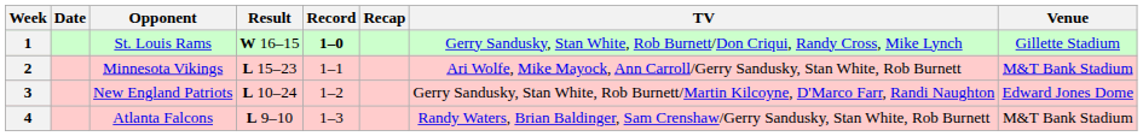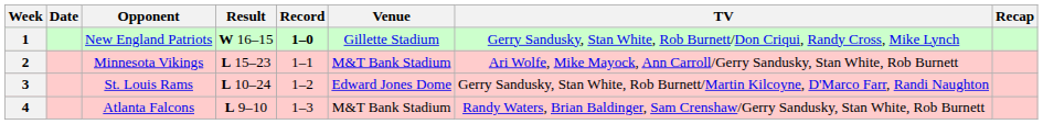 <table class="wikitable" style="text-align:center">
 <tr>
 <th>Week</th>
 <th>Date</th>
 <th>Opponent</th>
 <th>Result</th>
 <th>Record</th>
+<th>Venue</th>
+<th>TV</th>
 <th>Recap</th>
-<th>TV</th>
-<th>Venue</th>
 </tr>
 <tr style="background:#cfc">
 <th>1</th>
 <td></td>
-<td><a href='#'>St. Louis Rams</a></td>
+<td><a href='#'>New England Patriots</a></td>
 <td><strong>W</strong> 16–15</td>
 <td><strong>1–0</strong></td>
+<td><a href='#'>Gillette Stadium</a></td>
+<td><a href='#'>Gerry Sandusky</a>, <a href='#'>Stan White</a>, <a href='#'>Rob Burnett</a>/<a href='#'>Don Criqui</a>, <a href='#'>Randy Cross</a>, <a href='#'>Mike Lynch</a></td>
 <td></td>
-<td><a href='#'>Gerry Sandusky</a>, <a href='#'>Stan White</a>, <a href='#'>Rob Burnett</a>/<a href='#'>Don Criqui</a>, <a href='#'>Randy Cross</a>, <a href='#'>Mike Lynch</a></td>
-<td><a href='#'>Gillette Stadium</a></td>
 </tr>
 <tr style="background:#fcc">
 <th>2</th>
 <td></td>
 <td><a href='#'>Minnesota Vikings</a></td>
 <td><strong>L</strong> 15–23</td>
 <td>1–1</td>
+<td><a href='#'>M&T Bank Stadium</a></td>
+<td><a href='#'>Ari Wolfe</a>, <a href='#'>Mike Mayock</a>, <a href='#'>Ann Carroll</a>/Gerry Sandusky, Stan White, Rob Burnett</td>
 <td></td>
-<td><a href='#'>Ari Wolfe</a>, <a href='#'>Mike Mayock</a>, <a href='#'>Ann Carroll</a>/Gerry Sandusky, Stan White, Rob Burnett</td>
-<td><a href='#'>M&T Bank Stadium</a></td>
 </tr>
 <tr style="background:#fcc">
 <th>3</th>
 <td></td>
-<td><a href='#'>New England Patriots</a></td>
+<td><a href='#'>St. Louis Rams</a></td>
 <td><strong>L</strong> 10–24</td>
 <td>1–2</td>
+<td><a href='#'>Edward Jones Dome</a></td>
+<td>Gerry Sandusky, Stan White, Rob Burnett/<a href='#'>Martin Kilcoyne</a>, <a href='#'>D'Marco Farr</a>, <a href='#'>Randi Naughton</a></td>
 <td></td>
-<td>Gerry Sandusky, Stan White, Rob Burnett/<a href='#'>Martin Kilcoyne</a>, <a href='#'>D'Marco Farr</a>, <a href='#'>Randi Naughton</a></td>
-<td><a href='#'>Edward Jones Dome</a></td>
 </tr>
 <tr style="background:#fcc">
 <th>4</th>
 <td></td>
 <td><a href='#'>Atlanta Falcons</a></td>
 <td><strong>L</strong> 9–10</td>
 <td>1–3</td>
+<td>M&T Bank Stadium</td>
+<td><a href='#'>Randy Waters</a>, <a href='#'>Brian Baldinger</a>, <a href='#'>Sam Crenshaw</a>/Gerry Sandusky, Stan White, Rob Burnett</td>
 <td></td>
-<td><a href='#'>Randy Waters</a>, <a href='#'>Brian Baldinger</a>, <a href='#'>Sam Crenshaw</a>/Gerry Sandusky, Stan White, Rob Burnett</td>
-<td>M&T Bank Stadium</td>
 </tr>
 </table>
